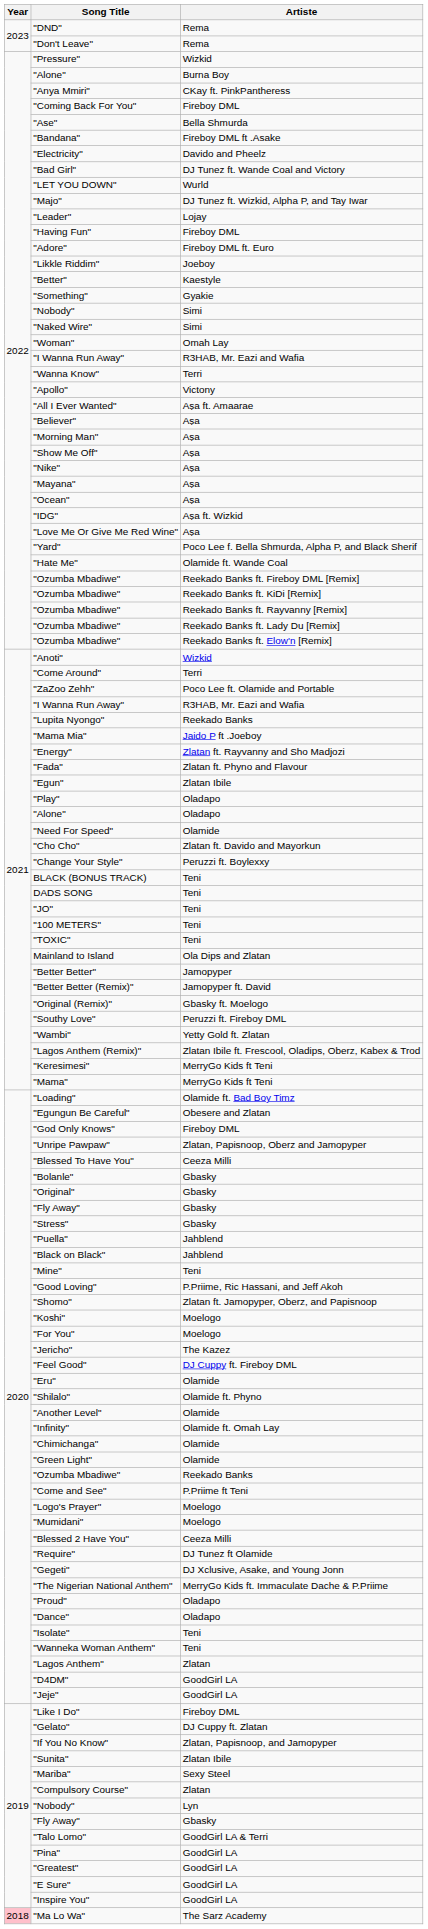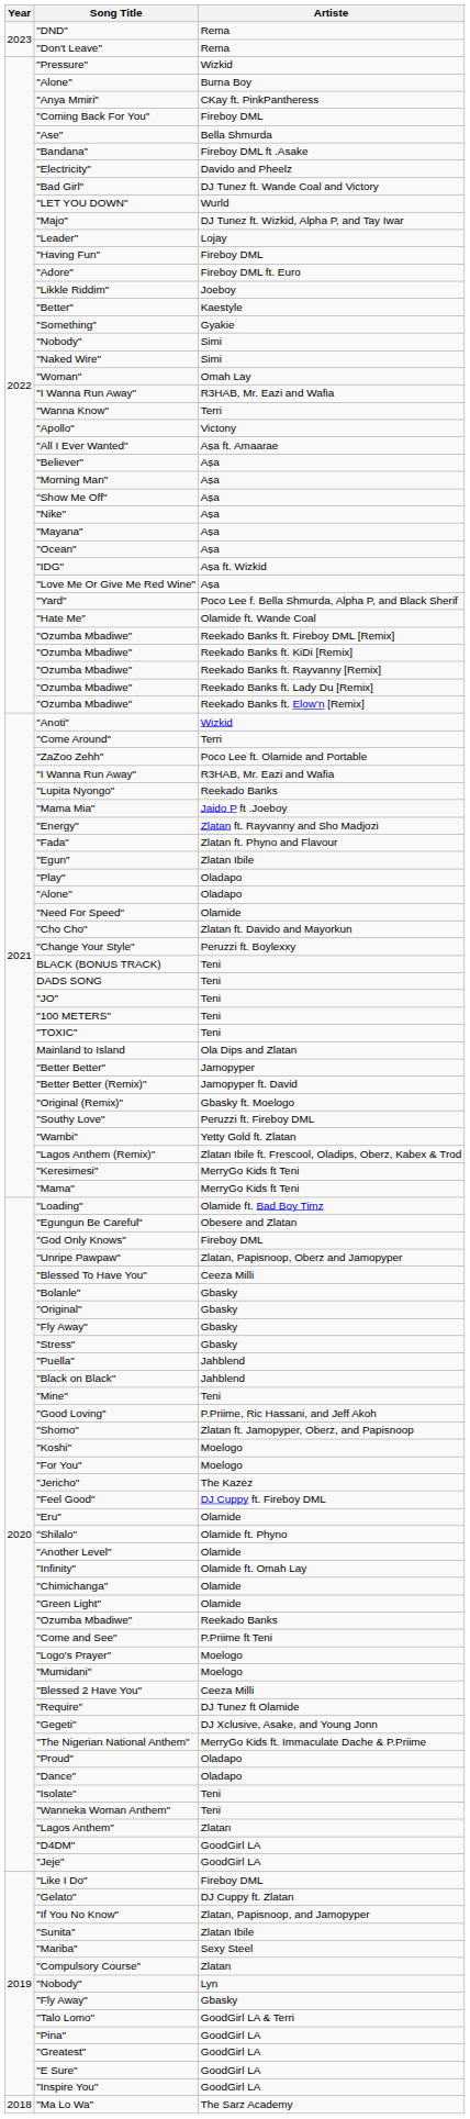 <table class="wikitable">
 <tr>
 <th>Year</th>
 <th>Song Title</th>
 <th>Artiste</th>
 </tr>
 <tr>
 <td rowspan="2">2023</td>
 <td>"DND"</td>
 <td>Rema</td>
 </tr>
 <tr>
 <td>"Don't Leave"</td>
 <td>Rema</td>
 </tr>
 <tr>
 <td rowspan="38">2022</td>
 <td>"Pressure"</td>
 <td>Wizkid</td>
 </tr>
 <tr>
 <td>"Alone"</td>
 <td>Burna Boy</td>
 </tr>
 <tr>
 <td>"Anya Mmiri"</td>
 <td>CKay ft. PinkPantheress</td>
 </tr>
 <tr>
 <td>"Coming Back For You"</td>
 <td>Fireboy DML</td>
 </tr>
 <tr>
 <td>"Ase"</td>
 <td>Bella Shmurda</td>
 </tr>
 <tr>
 <td>"Bandana"</td>
 <td>Fireboy DML ft .Asake</td>
 </tr>
 <tr>
 <td>"Electricity"</td>
 <td>Davido and Pheelz</td>
 </tr>
 <tr>
 <td>"Bad Girl"</td>
 <td>DJ Tunez ft. Wande Coal and Victory</td>
 </tr>
 <tr>
 <td>"LET YOU DOWN"</td>
 <td>Wurld</td>
 </tr>
 <tr>
 <td>"Majo"</td>
 <td>DJ Tunez ft. Wizkid, Alpha P, and Tay Iwar</td>
 </tr>
 <tr>
 <td>"Leader"</td>
 <td>Lojay</td>
 </tr>
 <tr>
 <td>"Having Fun"</td>
 <td>Fireboy DML</td>
 </tr>
 <tr>
 <td>"Adore"</td>
 <td>Fireboy DML ft. Euro</td>
 </tr>
 <tr>
 <td>"Likkle Riddim"</td>
 <td>Joeboy</td>
 </tr>
 <tr>
 <td>"Better"</td>
 <td>Kaestyle</td>
 </tr>
 <tr>
 <td>"Something"</td>
 <td>Gyakie</td>
 </tr>
 <tr>
 <td>"Nobody"</td>
 <td>Simi</td>
 </tr>
 <tr>
 <td>"Naked Wire"</td>
 <td>Simi</td>
 </tr>
 <tr>
 <td>"Woman"</td>
 <td>Omah Lay</td>
 </tr>
 <tr>
 <td>"I Wanna Run Away"</td>
 <td>R3HAB, Mr. Eazi and Wafia</td>
 </tr>
 <tr>
 <td>"Wanna Know"</td>
 <td>Terri</td>
 </tr>
 <tr>
 <td>"Apollo"</td>
 <td>Victony</td>
 </tr>
 <tr>
 <td>"All I Ever Wanted"</td>
 <td>Aṣa ft. Amaarae</td>
 </tr>
 <tr>
 <td>"Believer"</td>
 <td>Aṣa</td>
 </tr>
 <tr>
 <td>"Morning Man"</td>
 <td>Aṣa</td>
 </tr>
 <tr>
 <td>"Show Me Off"</td>
 <td>Aṣa</td>
 </tr>
 <tr>
 <td>"Nike"</td>
 <td>Aṣa</td>
 </tr>
 <tr>
 <td>"Mayana"</td>
 <td>Aṣa</td>
 </tr>
 <tr>
 <td>"Ocean"</td>
 <td>Aṣa</td>
 </tr>
 <tr>
 <td>"IDG"</td>
 <td>Aṣa ft. Wizkid</td>
 </tr>
 <tr>
 <td>"Love Me Or Give Me Red Wine"</td>
 <td>Aṣa</td>
 </tr>
 <tr>
 <td>"Yard"</td>
 <td>Poco Lee f. Bella Shmurda, Alpha P, and Black Sherif</td>
 </tr>
 <tr>
 <td>"Hate Me"</td>
 <td>Olamide ft. Wande Coal</td>
 </tr>
 <tr>
 <td>"Ozumba Mbadiwe"</td>
 <td>Reekado Banks ft. Fireboy DML [Remix]</td>
 </tr>
 <tr>
 <td>"Ozumba Mbadiwe"</td>
 <td>Reekado Banks ft. KiDi [Remix]</td>
 </tr>
 <tr>
 <td>"Ozumba Mbadiwe"</td>
 <td>Reekado Banks ft. Rayvanny [Remix]</td>
 </tr>
 <tr>
 <td>"Ozumba Mbadiwe"</td>
 <td>Reekado Banks ft. Lady Du [Remix]</td>
 </tr>
 <tr>
 <td>"Ozumba Mbadiwe"</td>
 <td>Reekado Banks ft. <a href='#'>Elow'n</a> [Remix]</td>
 </tr>
 <tr>
 <td rowspan="28">2021</td>
 <td>"Anoti"</td>
 <td><a href='#'>Wizkid</a></td>
 </tr>
 <tr>
 <td>"Come Around"</td>
 <td>Terri</td>
 </tr>
 <tr>
 <td>"ZaZoo Zehh"</td>
 <td>Poco Lee ft. Olamide and Portable</td>
 </tr>
 <tr>
 <td>"I Wanna Run Away"</td>
 <td>R3HAB, Mr. Eazi and Wafia</td>
 </tr>
 <tr>
 <td>"Lupita Nyongo"</td>
 <td>Reekado Banks</td>
 </tr>
 <tr>
 <td>"Mama Mia"</td>
 <td><a href='#'>Jaido P</a> ft .Joeboy</td>
 </tr>
 <tr>
 <td>"Energy"</td>
 <td><a href='#'>Zlatan</a> ft. Rayvanny and Sho Madjozi</td>
 </tr>
 <tr>
 <td>"Fada"</td>
 <td>Zlatan ft. Phyno and Flavour</td>
 </tr>
 <tr>
 <td>"Egun"</td>
 <td>Zlatan Ibile</td>
 </tr>
 <tr>
 <td>"Play"</td>
 <td>Oladapo</td>
 </tr>
 <tr>
 <td>"Alone"</td>
 <td>Oladapo</td>
 </tr>
 <tr>
 <td>"Need For Speed"</td>
 <td>Olamide</td>
 </tr>
 <tr>
 <td>"Cho Cho"</td>
 <td>Zlatan ft. Davido and Mayorkun</td>
 </tr>
 <tr>
 <td>"Change Your Style"</td>
 <td>Peruzzi ft. Boylexxy</td>
 </tr>
 <tr>
 <td>BLACK (BONUS TRACK)</td>
 <td>Teni</td>
 </tr>
 <tr>
 <td>DADS SONG</td>
 <td>Teni</td>
 </tr>
 <tr>
 <td>"JO"</td>
 <td>Teni</td>
 </tr>
 <tr>
 <td>"100 METERS"</td>
 <td>Teni</td>
 </tr>
 <tr>
 <td>"TOXIC"</td>
 <td>Teni</td>
 </tr>
 <tr>
 <td>Mainland to Island</td>
 <td>Ola Dips and Zlatan</td>
 </tr>
 <tr>
 <td>"Better Better"</td>
 <td>Jamopyper</td>
 </tr>
 <tr>
 <td>"Better Better (Remix)"</td>
 <td>Jamopyper ft. David</td>
 </tr>
 <tr>
 <td>"Original (Remix)"</td>
 <td>Gbasky ft. Moelogo</td>
 </tr>
 <tr>
 <td>"Southy Love"</td>
 <td>Peruzzi ft. Fireboy DML</td>
 </tr>
 <tr>
 <td>"Wambi"</td>
 <td>Yetty Gold ft. Zlatan</td>
 </tr>
 <tr>
 <td>"Lagos Anthem (Remix)"</td>
 <td>Zlatan Ibile ft. Frescool, Oladips, Oberz, Kabex & Trod</td>
 </tr>
 <tr>
 <td>"Keresimesi"</td>
 <td>MerryGo Kids ft Teni</td>
 </tr>
 <tr>
 <td>"Mama"</td>
 <td>MerryGo Kids ft Teni</td>
 </tr>
 <tr>
 <td rowspan="39">2020</td>
 <td>"Loading"</td>
 <td>Olamide ft. <a href='#'>Bad Boy Timz</a></td>
 </tr>
 <tr>
 <td>"Egungun Be Careful"</td>
 <td>Obesere and Zlatan</td>
 </tr>
 <tr>
 <td>"God Only Knows"</td>
 <td>Fireboy DML</td>
 </tr>
 <tr>
 <td>"Unripe Pawpaw"</td>
 <td>Zlatan, Papisnoop, Oberz and Jamopyper</td>
 </tr>
 <tr>
 <td>"Blessed To Have You"</td>
 <td>Ceeza Milli</td>
 </tr>
 <tr>
 <td>"Bolanle"</td>
 <td>Gbasky</td>
 </tr>
 <tr>
 <td>"Original"</td>
 <td>Gbasky</td>
 </tr>
 <tr>
 <td>"Fly Away"</td>
 <td>Gbasky</td>
 </tr>
 <tr>
 <td>"Stress"</td>
 <td>Gbasky</td>
 </tr>
 <tr>
 <td>"Puella"</td>
 <td>Jahblend</td>
 </tr>
 <tr>
 <td>"Black on Black"</td>
 <td>Jahblend</td>
 </tr>
 <tr>
 <td>"Mine"</td>
 <td>Teni</td>
 </tr>
 <tr>
 <td>"Good Loving"</td>
 <td>P.Priime, Ric Hassani, and Jeff Akoh</td>
 </tr>
 <tr>
 <td>"Shomo"</td>
 <td>Zlatan ft. Jamopyper, Oberz, and Papisnoop</td>
 </tr>
 <tr>
 <td>"Koshi"</td>
 <td>Moelogo</td>
 </tr>
 <tr>
 <td>"For You"</td>
 <td>Moelogo</td>
 </tr>
 <tr>
 <td>"Jericho"</td>
 <td>The Kazez</td>
 </tr>
 <tr>
 <td>"Feel Good"</td>
 <td><a href='#'>DJ Cuppy</a> ft. Fireboy DML</td>
 </tr>
 <tr>
 <td>"Eru"</td>
 <td>Olamide</td>
 </tr>
 <tr>
 <td>"Shilalo"</td>
 <td>Olamide ft. Phyno</td>
 </tr>
 <tr>
 <td>"Another Level"</td>
 <td>Olamide</td>
 </tr>
 <tr>
 <td>"Infinity"</td>
 <td>Olamide ft. Omah Lay</td>
 </tr>
 <tr>
 <td>"Chimichanga"</td>
 <td>Olamide</td>
 </tr>
 <tr>
 <td>"Green Light"</td>
 <td>Olamide</td>
 </tr>
 <tr>
 <td>"Ozumba Mbadiwe"</td>
 <td>Reekado Banks</td>
 </tr>
 <tr>
 <td>"Come and See"</td>
 <td>P.Priime ft Teni</td>
 </tr>
 <tr>
 <td>"Logo's Prayer"</td>
 <td>Moelogo</td>
 </tr>
 <tr>
 <td>"Mumidani"</td>
 <td>Moelogo</td>
 </tr>
 <tr>
 <td>"Blessed 2 Have You"</td>
 <td>Ceeza Milli</td>
 </tr>
 <tr>
 <td>"Require"</td>
 <td>DJ Tunez ft Olamide</td>
 </tr>
 <tr>
 <td>"Gegeti"</td>
 <td>DJ Xclusive, Asake, and Young Jonn</td>
 </tr>
 <tr>
 <td>"The Nigerian National Anthem"</td>
 <td>MerryGo Kids ft. Immaculate Dache & P.Priime</td>
 </tr>
 <tr>
 <td>"Proud"</td>
 <td>Oladapo</td>
 </tr>
 <tr>
 <td>"Dance"</td>
 <td>Oladapo</td>
 </tr>
 <tr>
 <td>"Isolate"</td>
 <td>Teni</td>
 </tr>
 <tr>
 <td>"Wanneka Woman Anthem"</td>
 <td>Teni</td>
 </tr>
 <tr>
 <td>"Lagos Anthem"</td>
 <td>Zlatan</td>
 </tr>
 <tr>
 <td>"D4DM"</td>
 <td>GoodGirl LA</td>
 </tr>
 <tr>
 <td>"Jeje"</td>
 <td>GoodGirl LA</td>
 </tr>
 <tr>
 <td rowspan="13">2019</td>
 <td>"Like I Do"</td>
 <td>Fireboy DML</td>
 </tr>
 <tr>
 <td>"Gelato"</td>
 <td>DJ Cuppy ft. Zlatan</td>
 </tr>
 <tr>
 <td>"If You No Know"</td>
 <td>Zlatan, Papisnoop, and Jamopyper</td>
 </tr>
 <tr>
 <td>"Sunita"</td>
 <td>Zlatan Ibile</td>
 </tr>
 <tr>
 <td>"Mariba"</td>
 <td>Sexy Steel</td>
 </tr>
 <tr>
 <td>"Compulsory Course"</td>
 <td>Zlatan</td>
 </tr>
 <tr>
 <td>"Nobody"</td>
 <td>Lyn</td>
 </tr>
 <tr>
 <td>"Fly Away"</td>
 <td>Gbasky</td>
 </tr>
 <tr>
 <td>"Talo Lomo"</td>
 <td>GoodGirl LA & Terri</td>
 </tr>
 <tr>
 <td>"Pina"</td>
 <td>GoodGirl LA</td>
 </tr>
 <tr>
 <td>"Greatest"</td>
 <td>GoodGirl LA</td>
 </tr>
 <tr>
 <td>"E Sure"</td>
 <td>GoodGirl LA</td>
 </tr>
 <tr>
 <td>"Inspire You"</td>
 <td>GoodGirl LA</td>
 </tr>
 <tr>
-<td style="background: pink;">2018</td>
+<td>2018</td>
 <td>"Ma Lo Wa"</td>
 <td>The Sarz Academy</td>
 </tr>
 </table>
